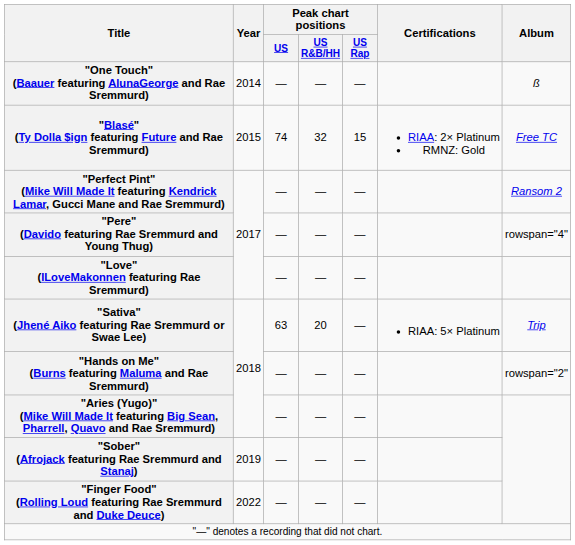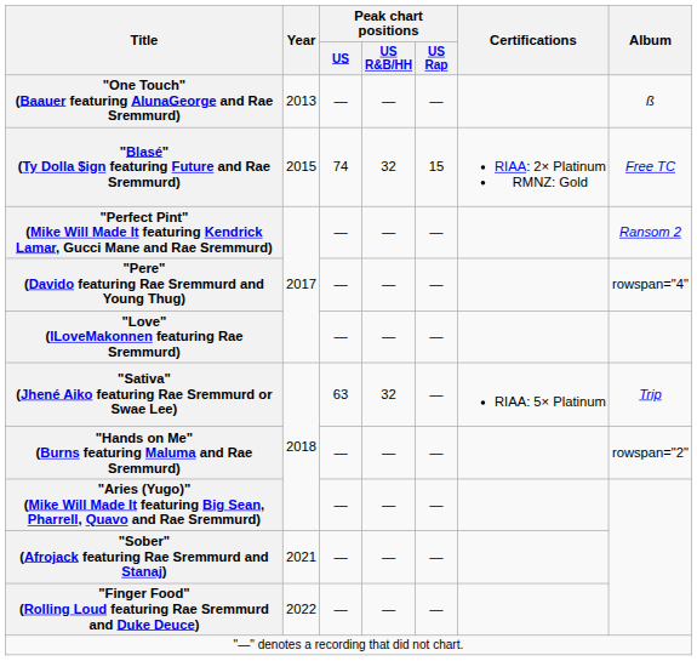 <table class="wikitable plainrowheaders" style="text-align:center;">
 <tr>
 <th scope="col" rowspan="2" style="width:20em;">Title</th>
 <th scope="col" rowspan="2" style="width:1em;">Year</th>
 <th scope="col" colspan="3">Peak chart positions</th>
 <th scope="col" rowspan="2">Certifications</th>
 <th scope="col" rowspan="2">Album</th>
 </tr>
 <tr>
 <th scope="col" style="width:3em;font-size:90%;"><a href='#'>US</a><br></th>
 <th scope="col" style="width:3em;font-size:90%;"><a href='#'>US<br>R&B/HH</a><br></th>
 <th scope="col" style="width:3em;font-size:90%;"><a href='#'>US<br>Rap</a><br></th>
 </tr>
 <tr>
 <th scope="row">"One Touch"<br><span>(<a href='#'>Baauer</a> featuring <a href='#'>AlunaGeorge</a> and Rae Sremmurd)</span></th>
-<td>2014</td>
+<td>2013</td>
 <td>—</td>
 <td>—</td>
 <td>—</td>
 <td></td>
 <td><em>ß</em></td>
 </tr>
 <tr>
 <th scope="row">"<a href='#'>Blasé</a>"<br><span>(<a href='#'>Ty Dolla $ign</a> featuring <a href='#'>Future</a> and Rae Sremmurd)</span></th>
 <td>2015</td>
 <td>74</td>
 <td>32</td>
 <td>15</td>
 <td><br><ul><li><a href='#'>RIAA</a>: 2× Platinum</li><li>RMNZ: Gold</li></ul></td>
 <td><em><a href='#'>Free TC</a></em></td>
 </tr>
 <tr>
 <th scope="row">"Perfect Pint"<br><span>(<a href='#'>Mike Will Made It</a> featuring <a href='#'>Kendrick Lamar</a>, Gucci Mane and Rae Sremmurd)</span></th>
 <td rowspan="3">2017</td>
 <td>—</td>
 <td>—</td>
 <td>—</td>
 <td></td>
 <td><em><a href='#'>Ransom 2</a></em></td>
 </tr>
 <tr>
 <th scope="row">"Pere"<br><span>(<a href='#'>Davido</a> featuring Rae Sremmurd and Young Thug)</span></th>
 <td>—</td>
 <td>—</td>
 <td>—</td>
 <td></td>
 <td>rowspan="4" </td>
 </tr>
 <tr>
 <th scope="row">"Love"<br><span>(<a href='#'>ILoveMakonnen</a> featuring Rae Sremmurd)</span></th>
 <td>—</td>
 <td>—</td>
 <td>—</td>
 <td></td>
 </tr>
 <tr>
 <th scope="row">"Sativa"<br><span>(<a href='#'>Jhené Aiko</a> featuring Rae Sremmurd or Swae Lee)</span></th>
 <td rowspan="3">2018</td>
 <td>63</td>
-<td>20</td>
+<td>32</td>
 <td>—</td>
 <td><br><ul><li>RIAA: 5× Platinum</li></ul></td>
 <td><em><a href='#'>Trip</a></em></td>
 </tr>
 <tr>
 <th scope="row">"Hands on Me" <br><span>(<a href='#'>Burns</a> featuring <a href='#'>Maluma</a> and Rae Sremmurd)</span></th>
 <td>—</td>
 <td>—</td>
 <td>—</td>
 <td></td>
 <td>rowspan="2" </td>
 </tr>
 <tr>
 <th scope="row">"Aries (Yugo)" <br><span>(<a href='#'>Mike Will Made It</a> featuring <a href='#'>Big Sean</a>, <a href='#'>Pharrell</a>, <a href='#'>Quavo</a> and Rae Sremmurd)</span></th>
 <td>—</td>
 <td>—</td>
 <td>—</td>
 <td></td>
 </tr>
 <tr>
 <th scope="row">"Sober" <br><span>(<a href='#'>Afrojack</a> featuring Rae Sremmurd and <a href='#'>Stanaj</a>)</span></th>
-<td>2019</td>
+<td>2021</td>
 <td>—</td>
 <td>—</td>
 <td>—</td>
 <td></td>
 </tr>
 <tr>
 <th scope="row">"Finger Food"<br><span>(<a href='#'>Rolling Loud</a> featuring Rae Sremmurd and <a href='#'>Duke Deuce</a>)</span></th>
 <td>2022</td>
 <td>—</td>
 <td>—</td>
 <td>—</td>
 <td></td>
 </tr>
 <tr>
 <td colspan="15" style="font-size:90%">"—" denotes a recording that did not chart.</td>
 </tr>
 </table>
